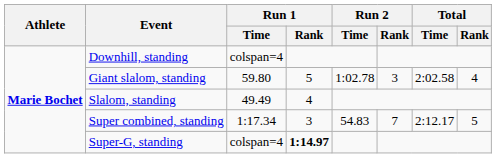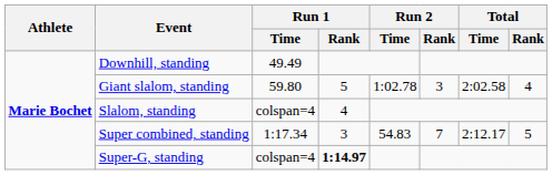 <table class="wikitable" style="font-size:90%">
 <tr>
 <th rowspan=2>Athlete</th>
 <th rowspan=2>Event</th>
 <th colspan=2>Run 1</th>
 <th colspan=2>Run 2</th>
 <th colspan=2>Total</th>
 </tr>
 <tr style="font-size:95%">
 <th>Time</th>
 <th>Rank</th>
 <th>Time</th>
 <th>Rank</th>
 <th>Time</th>
 <th>Rank</th>
 </tr>
 <tr align=center>
 <td align=left rowspan=5><strong><a href='#'>Marie Bochet</a></strong></td>
 <td align=left><a href='#'>Downhill, standing</a></td>
-<td>colspan=4 </td>
+<td>49.49</td>
 <td colspan=2></td>
 </tr>
 <tr align=center>
 <td align=left><a href='#'>Giant slalom, standing</a></td>
 <td>59.80</td>
 <td>5</td>
 <td>1:02.78</td>
 <td>3</td>
 <td>2:02.58</td>
 <td>4</td>
 </tr>
 <tr align=center>
 <td align=left><a href='#'>Slalom, standing</a></td>
-<td>49.49</td>
+<td>colspan=4 </td>
 <td>4</td>
 <td colspan=4></td>
 </tr>
 <tr align=center>
 <td align=left><a href='#'>Super combined, standing</a></td>
 <td>1:17.34</td>
 <td>3</td>
 <td>54.83</td>
 <td>7</td>
 <td>2:12.17</td>
 <td>5</td>
 </tr>
 <tr align=center>
 <td align=left><a href='#'>Super-G, standing</a></td>
 <td>colspan=4 </td>
 <td><strong>1:14.97</strong></td>
 <td></td>
 </tr>
 </table>
